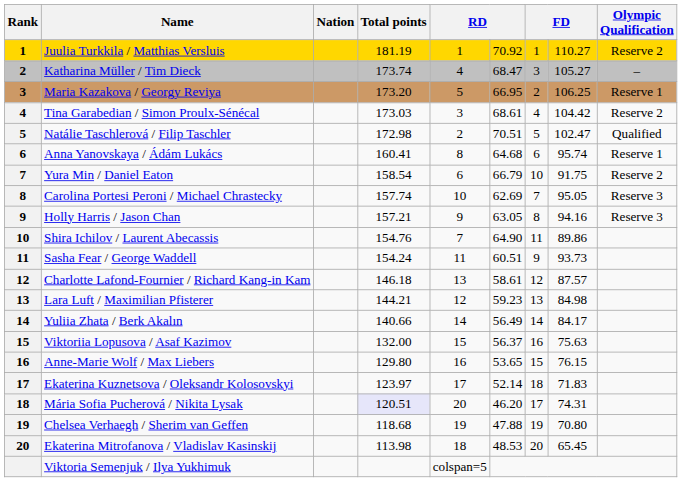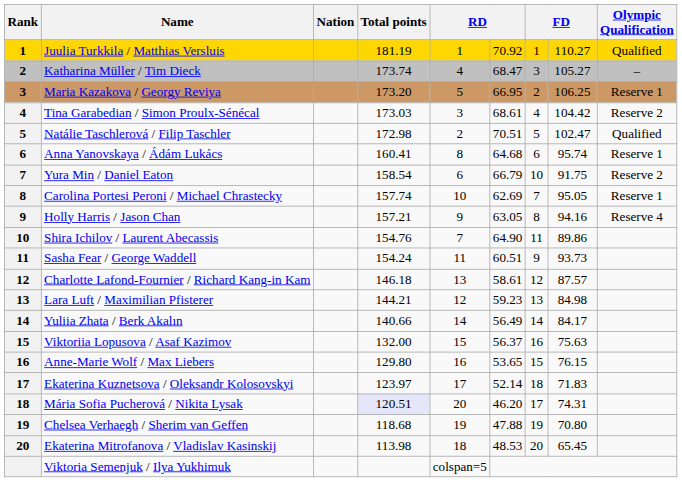 <table class="wikitable sortable">
 <tr>
 <th>Rank</th>
 <th>Name</th>
 <th>Nation</th>
 <th>Total points</th>
 <th colspan="2" width="80px"><a href='#'>RD</a></th>
 <th colspan="2" width="80px"><a href='#'>FD</a></th>
 <th width="80px"><a href='#'>Olympic Qualification</a></th>
 </tr>
 <tr bgcolor="gold">
 <td align="center"><strong>1</strong></td>
 <td><a href='#'>Juulia Turkkila</a> / <a href='#'>Matthias Versluis</a></td>
 <td></td>
 <td align="center">181.19</td>
 <td align="center">1</td>
 <td align="center">70.92</td>
 <td align="center">1</td>
 <td align="center">110.27</td>
-<td align="center">Reserve 2</td>
+<td align="center">Qualified</td>
 </tr>
 <tr bgcolor="silver">
 <td align="center"><strong>2</strong></td>
 <td><a href='#'>Katharina Müller</a> / <a href='#'>Tim Dieck</a></td>
 <td></td>
 <td align="center">173.74</td>
 <td align="center">4</td>
 <td align="center">68.47</td>
 <td align="center">3</td>
 <td align="center">105.27</td>
 <td align="center">–</td>
 </tr>
 <tr bgcolor="cc9966">
 <td align="center"><strong>3</strong></td>
 <td><a href='#'>Maria Kazakova</a> / <a href='#'>Georgy Reviya</a></td>
 <td></td>
 <td align="center">173.20</td>
 <td align="center">5</td>
 <td align="center">66.95</td>
 <td align="center">2</td>
 <td align="center">106.25</td>
 <td align="center">Reserve 1</td>
 </tr>
 <tr>
 <th>4</th>
 <td><a href='#'>Tina Garabedian</a> / <a href='#'>Simon Proulx-Sénécal</a></td>
 <td></td>
 <td align="center">173.03</td>
 <td align="center">3</td>
 <td align="center">68.61</td>
 <td align="center">4</td>
 <td align="center">104.42</td>
 <td align="center">Reserve 2</td>
 </tr>
 <tr>
 <th>5</th>
 <td><a href='#'>Natálie Taschlerová</a> / <a href='#'>Filip Taschler</a></td>
 <td></td>
 <td align="center">172.98</td>
 <td align="center">2</td>
 <td align="center">70.51</td>
 <td align="center">5</td>
 <td align="center">102.47</td>
 <td align="center">Qualified</td>
 </tr>
 <tr>
 <th>6</th>
 <td><a href='#'>Anna Yanovskaya</a> / <a href='#'>Ádám Lukács</a></td>
 <td></td>
 <td align="center">160.41</td>
 <td align="center">8</td>
 <td align="center">64.68</td>
 <td align="center">6</td>
 <td align="center">95.74</td>
 <td align="center">Reserve 1</td>
 </tr>
 <tr>
 <th>7</th>
 <td><a href='#'>Yura Min</a> / <a href='#'>Daniel Eaton</a></td>
 <td></td>
 <td align="center">158.54</td>
 <td align="center">6</td>
 <td align="center">66.79</td>
 <td align="center">10</td>
 <td align="center">91.75</td>
 <td align="center">Reserve 2</td>
 </tr>
 <tr>
 <th>8</th>
 <td><a href='#'>Carolina Portesi Peroni</a> / <a href='#'>Michael Chrastecky</a></td>
 <td></td>
 <td align="center">157.74</td>
 <td align="center">10</td>
 <td align="center">62.69</td>
 <td align="center">7</td>
 <td align="center">95.05</td>
-<td align="center">Reserve 3</td>
+<td align="center">Reserve 1</td>
 </tr>
 <tr>
 <th>9</th>
 <td><a href='#'>Holly Harris</a> / <a href='#'>Jason Chan</a></td>
 <td></td>
 <td align="center">157.21</td>
 <td align="center">9</td>
 <td align="center">63.05</td>
 <td align="center">8</td>
 <td align="center">94.16</td>
-<td align="center">Reserve 3</td>
+<td align="center">Reserve 4</td>
 </tr>
 <tr>
 <th>10</th>
 <td><a href='#'>Shira Ichilov</a> / <a href='#'>Laurent Abecassis</a></td>
 <td></td>
 <td align="center">154.76</td>
 <td align="center">7</td>
 <td align="center">64.90</td>
 <td align="center">11</td>
 <td align="center">89.86</td>
 <td align="center"></td>
 </tr>
 <tr>
 <th>11</th>
 <td><a href='#'>Sasha Fear</a> / <a href='#'>George Waddell</a></td>
 <td></td>
 <td align="center">154.24</td>
 <td align="center">11</td>
 <td align="center">60.51</td>
 <td align="center">9</td>
 <td align="center">93.73</td>
 <td align="center"></td>
 </tr>
 <tr>
 <th>12</th>
 <td><a href='#'>Charlotte Lafond-Fournier</a> / <a href='#'>Richard Kang-in Kam</a></td>
 <td></td>
 <td align="center">146.18</td>
 <td align="center">13</td>
 <td align="center">58.61</td>
 <td align="center">12</td>
 <td align="center">87.57</td>
 <td align="center"></td>
 </tr>
 <tr>
 <th>13</th>
 <td><a href='#'>Lara Luft</a> / <a href='#'>Maximilian Pfisterer</a></td>
 <td></td>
 <td align="center">144.21</td>
 <td align="center">12</td>
 <td align="center">59.23</td>
 <td align="center">13</td>
 <td align="center">84.98</td>
 <td align="center"></td>
 </tr>
 <tr>
 <th>14</th>
 <td><a href='#'>Yuliia Zhata</a> / <a href='#'>Berk Akalın</a></td>
 <td></td>
 <td align="center">140.66</td>
 <td align="center">14</td>
 <td align="center">56.49</td>
 <td align="center">14</td>
 <td align="center">84.17</td>
 <td align="center"></td>
 </tr>
 <tr>
 <th>15</th>
 <td><a href='#'>Viktoriia Lopusova</a> / <a href='#'>Asaf Kazimov</a></td>
 <td></td>
 <td align="center">132.00</td>
 <td align="center">15</td>
 <td align="center">56.37</td>
 <td align="center">16</td>
 <td align="center">75.63</td>
 <td align="center"></td>
 </tr>
 <tr>
 <th>16</th>
 <td><a href='#'>Anne-Marie Wolf</a> / <a href='#'>Max Liebers</a></td>
 <td></td>
 <td align="center">129.80</td>
 <td align="center">16</td>
 <td align="center">53.65</td>
 <td align="center">15</td>
 <td align="center">76.15</td>
 <td align="center"></td>
 </tr>
 <tr>
 <th>17</th>
 <td><a href='#'>Ekaterina Kuznetsova</a> / <a href='#'>Oleksandr Kolosovskyi</a></td>
 <td></td>
 <td align="center">123.97</td>
 <td align="center">17</td>
 <td align="center">52.14</td>
 <td align="center">18</td>
 <td align="center">71.83</td>
 <td align="center"></td>
 </tr>
 <tr>
 <th>18</th>
 <td><a href='#'>Mária Sofia Pucherová</a> / <a href='#'>Nikita Lysak</a></td>
 <td></td>
 <td align="center" style="background: lavender;">120.51</td>
 <td align="center">20</td>
 <td align="center">46.20</td>
 <td align="center">17</td>
 <td align="center">74.31</td>
 <td align="center"></td>
 </tr>
 <tr>
 <th>19</th>
 <td><a href='#'>Chelsea Verhaegh</a> / <a href='#'>Sherim van Geffen</a></td>
 <td></td>
 <td align="center">118.68</td>
 <td align="center">19</td>
 <td align="center">47.88</td>
 <td align="center">19</td>
 <td align="center">70.80</td>
 <td align="center"></td>
 </tr>
 <tr>
 <th>20</th>
 <td><a href='#'>Ekaterina Mitrofanova</a> / <a href='#'>Vladislav Kasinskij</a></td>
 <td></td>
 <td align="center">113.98</td>
 <td align="center">18</td>
 <td align="center">48.53</td>
 <td align="center">20</td>
 <td align="center">65.45</td>
 <td align="center"></td>
 </tr>
 <tr>
 <th></th>
 <td><a href='#'>Viktoria Semenjuk</a> / <a href='#'>Ilya Yukhimuk</a></td>
 <td></td>
 <td></td>
 <td>colspan=5 </td>
 </tr>
 </table>
